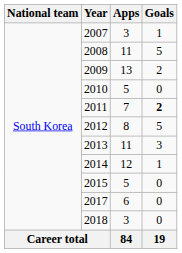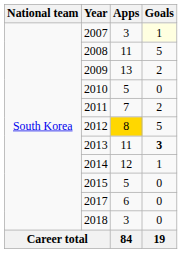 <table class="wikitable" style="text-align:center">
 <tr>
 <th>National team</th>
 <th>Year</th>
 <th>Apps</th>
 <th>Goals</th>
 </tr>
 <tr>
 <td rowspan="11"><a href='#'>South Korea</a></td>
 <td>2007</td>
 <td>3</td>
-<td>1</td>
+<td style="background: lightyellow;">1</td>
 </tr>
 <tr>
 <td>2008</td>
 <td>11</td>
 <td>5</td>
 </tr>
 <tr>
 <td>2009</td>
 <td>13</td>
 <td>2</td>
 </tr>
 <tr>
 <td>2010</td>
 <td>5</td>
 <td>0</td>
 </tr>
 <tr>
 <td>2011</td>
 <td>7</td>
-<td><strong>2</strong></td>
+<td>2</td>
 </tr>
 <tr>
 <td>2012</td>
-<td>8</td>
+<td style="background: gold;">8</td>
 <td>5</td>
 </tr>
 <tr>
 <td>2013</td>
 <td>11</td>
-<td>3</td>
+<td><strong>3</strong></td>
 </tr>
 <tr>
 <td>2014</td>
 <td>12</td>
 <td>1</td>
 </tr>
 <tr>
 <td>2015</td>
 <td>5</td>
 <td>0</td>
 </tr>
 <tr>
 <td>2017</td>
 <td>6</td>
 <td>0</td>
 </tr>
 <tr>
 <td>2018</td>
 <td>3</td>
 <td>0</td>
 </tr>
 <tr>
 <th colspan="2">Career total</th>
 <th>84</th>
 <th>19</th>
 </tr>
 </table>
